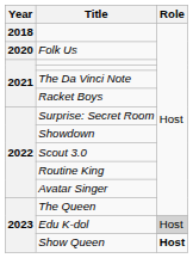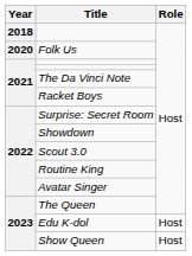 <table class="wikitable plainrowheaders">
 <tr>
 <th scope="col">Year</th>
 <th scope="col">Title</th>
 <th scope="col">Role</th>
 </tr>
 <tr>
 <th scope="row">2018</th>
 <td><em></em></td>
 <td rowspan="12">Host</td>
 </tr>
 <tr>
 <th scope="row">2020</th>
 <td><em>Folk Us</em></td>
 </tr>
 <tr>
 <th scope="row" rowspan="4">2021</th>
 <td><em></em></td>
 </tr>
 <tr>
 <td><em></em></td>
 </tr>
 <tr>
 <td><em>The Da Vinci Note</em></td>
 </tr>
 <tr>
 <td><em>Racket Boys</em> </td>
 </tr>
 <tr>
 <th scope="row" rowspan="5">2022</th>
 <td><em>Surprise: Secret Room</em></td>
 </tr>
 <tr>
 <td><em>Showdown</em> </td>
 </tr>
 <tr>
 <td><em>Scout 3.0</em> </td>
 </tr>
 <tr>
 <td><em>Routine King</em></td>
 </tr>
 <tr>
 <td><em>Avatar Singer</em></td>
 </tr>
 <tr>
 <th scope="row" rowspan="3">2023</th>
 <td><em>The Queen</em></td>
 </tr>
 <tr>
 <td><em>Edu K-dol</em></td>
-<td style="background: lightgrey;">Host</td>
+<td>Host</td>
 </tr>
 <tr>
 <td><em>Show Queen</em></td>
-<td><strong>Host</strong></td>
+<td>Host</td>
 </tr>
 </table>
